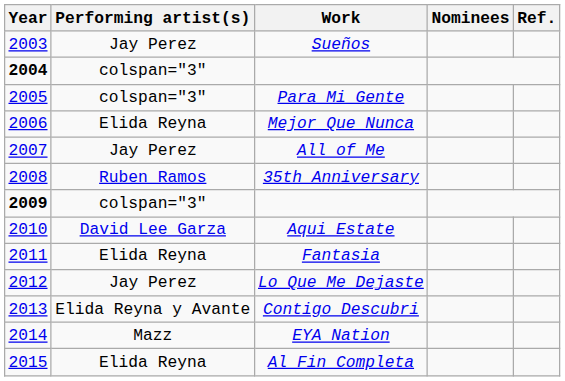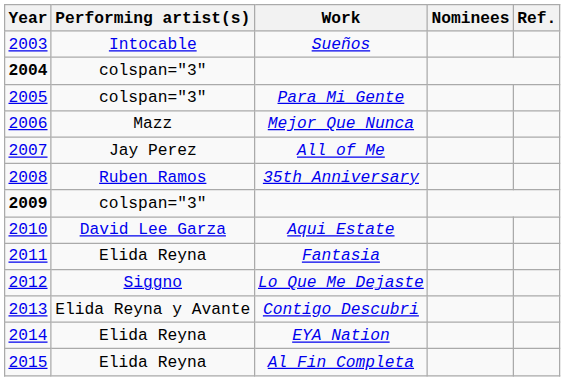 <table class="wikitable sortable" style="text-align:center;">
 <tr>
 <th>Year</th>
 <th>Performing artist(s)</th>
 <th>Work</th>
 <th class=unsortable>Nominees</th>
 <th class=unsortable>Ref.</th>
 </tr>
 <tr>
 <td><a href='#'>2003</a></td>
-<td>Jay Perez</td>
+<td><a href='#'>Intocable</a></td>
 <td><em><a href='#'>Sueños</a></em></td>
 <td style="text-align:left;"></td>
 <td></td>
 </tr>
 <tr>
 <td><strong>2004</strong></td>
 <td>colspan="3" </td>
 <td></td>
 </tr>
 <tr>
 <td><a href='#'>2005</a></td>
 <td>colspan="3" </td>
 <td><em><a href='#'>Para Mi Gente</a></em></td>
 <td style="text-align:left;"></td>
 <td></td>
 </tr>
 <tr>
 <td><a href='#'>2006</a></td>
-<td>Elida Reyna</td>
+<td>Mazz</td>
 <td><em><a href='#'>Mejor Que Nunca</a></em></td>
 <td style="text-align:left;"></td>
 <td></td>
 </tr>
 <tr>
 <td><a href='#'>2007</a></td>
 <td>Jay Perez</td>
 <td><em><a href='#'>All of Me</a></em></td>
 <td></td>
 <td></td>
 </tr>
 <tr>
 <td><a href='#'>2008</a></td>
 <td><a href='#'>Ruben Ramos</a></td>
 <td><em><a href='#'>35th Anniversary</a></em></td>
 <td></td>
 <td></td>
 </tr>
 <tr>
 <td><strong>2009</strong></td>
 <td>colspan="3" </td>
 <td></td>
 </tr>
 <tr>
 <td><a href='#'>2010</a></td>
 <td><a href='#'>David Lee Garza</a></td>
 <td><em><a href='#'>Aqui Estate</a></em></td>
 <td style="text-align:left;"></td>
 <td></td>
 </tr>
 <tr>
 <td><a href='#'>2011</a></td>
 <td>Elida Reyna</td>
 <td><em><a href='#'>Fantasia</a></em></td>
 <td style="text-align:left;"></td>
 <td></td>
 </tr>
 <tr>
 <td><a href='#'>2012</a></td>
-<td>Jay Perez</td>
+<td><a href='#'>Siggno</a></td>
 <td><em><a href='#'>Lo Que Me Dejaste</a></em></td>
 <td style="text-align:left;"></td>
 <td></td>
 </tr>
 <tr>
 <td><a href='#'>2013</a></td>
 <td>Elida Reyna y Avante</td>
 <td><em><a href='#'>Contigo Descubri</a></em></td>
 <td style="text-align:left;"></td>
 <td></td>
 </tr>
 <tr>
 <td><a href='#'>2014</a></td>
-<td>Mazz</td>
+<td>Elida Reyna</td>
 <td><em><a href='#'>EYA Nation</a></em></td>
 <td style="text-align:left;"></td>
 <td></td>
 </tr>
 <tr>
 <td><a href='#'>2015</a></td>
 <td>Elida Reyna</td>
 <td><em><a href='#'>Al Fin Completa</a></em></td>
 <td style="text-align:left;"></td>
 <td></td>
 </tr>
 </table>
